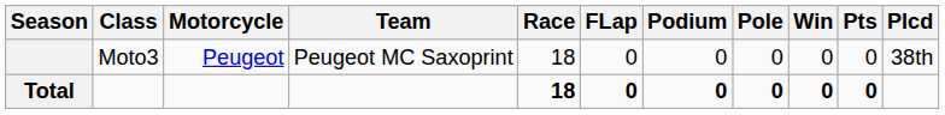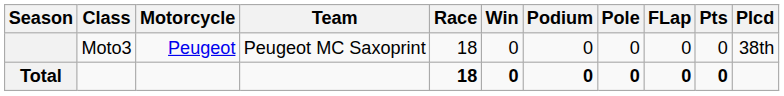 <table class="wikitable" style=text-align:right>
 <tr>
 <th>Season</th>
 <th>Class</th>
 <th>Motorcycle</th>
 <th>Team</th>
 <th>Race</th>
-<th>FLap</th>
+<th>Win</th>
 <th>Podium</th>
 <th>Pole</th>
-<th>Win</th>
+<th>FLap</th>
 <th>Pts</th>
 <th>Plcd</th>
 </tr>
 <tr>
 <th></th>
 <td>Moto3</td>
 <td><a href='#'>Peugeot</a></td>
 <td>Peugeot MC Saxoprint</td>
 <td>18</td>
 <td>0</td>
 <td>0</td>
 <td>0</td>
 <td>0</td>
 <td>0</td>
 <td>38th</td>
 </tr>
 <tr>
 <th>Total</th>
 <td></td>
 <td></td>
 <td></td>
 <td><strong>18</strong></td>
 <td><strong>0</strong></td>
 <td><strong>0</strong></td>
 <td><strong>0</strong></td>
 <td><strong>0</strong></td>
 <td><strong>0</strong></td>
 <td></td>
 </tr>
 </table>
